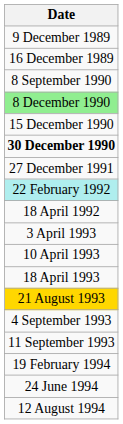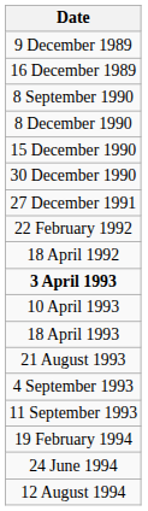 <table class="wikitable" style="text-align:center;">
 <tr>
 <th>Date</th>
 </tr>
 <tr>
 <td>9 December 1989</td>
 </tr>
 <tr>
 <td>16 December 1989</td>
 </tr>
 <tr>
 <td>8 September 1990</td>
 </tr>
 <tr>
-<td style="background: lightgreen;">8 December 1990</td>
+<td>8 December 1990</td>
 </tr>
 <tr>
 <td>15 December 1990</td>
 </tr>
 <tr>
-<td><strong>30 December 1990</strong></td>
+<td>30 December 1990</td>
 </tr>
 <tr>
 <td>27 December 1991</td>
 </tr>
 <tr>
-<td style="background: paleturquoise;">22 February 1992</td>
+<td>22 February 1992</td>
 </tr>
 <tr>
 <td>18 April 1992</td>
 </tr>
 <tr>
-<td>3 April 1993</td>
+<td><strong>3 April 1993</strong></td>
 </tr>
 <tr>
 <td>10 April 1993</td>
 </tr>
 <tr>
 <td>18 April 1993</td>
 </tr>
 <tr>
-<td style="background: gold;">21 August 1993</td>
+<td>21 August 1993</td>
 </tr>
 <tr>
 <td>4 September 1993</td>
 </tr>
 <tr>
 <td>11 September 1993</td>
 </tr>
 <tr>
 <td>19 February 1994</td>
 </tr>
 <tr>
 <td>24 June 1994</td>
 </tr>
 <tr>
 <td>12 August 1994</td>
 </tr>
 </table>
